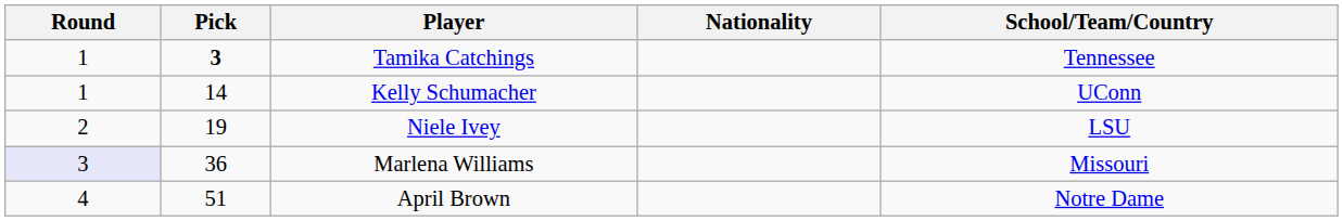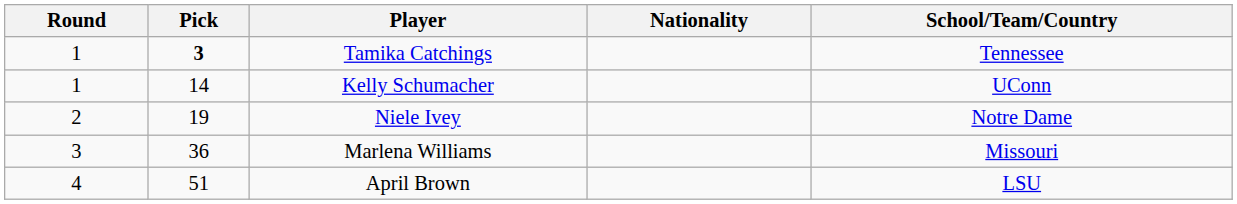 <table class="wikitable" style="text-align:center; width:60em">
 <tr>
 <th>Round</th>
 <th>Pick</th>
 <th>Player</th>
 <th>Nationality</th>
 <th>School/Team/Country</th>
 </tr>
 <tr>
 <td>1</td>
 <td><strong>3</strong></td>
 <td><a href='#'>Tamika Catchings</a></td>
 <td></td>
 <td><a href='#'>Tennessee</a></td>
 </tr>
 <tr>
 <td>1</td>
 <td>14</td>
 <td><a href='#'>Kelly Schumacher</a></td>
 <td></td>
 <td><a href='#'>UConn</a></td>
 </tr>
 <tr>
 <td>2</td>
 <td>19</td>
 <td><a href='#'>Niele Ivey</a></td>
 <td></td>
-<td><a href='#'>LSU</a></td>
+<td><a href='#'>Notre Dame</a></td>
 </tr>
 <tr>
-<td style="background: lavender;">3</td>
+<td>3</td>
 <td>36</td>
 <td>Marlena Williams</td>
 <td></td>
 <td><a href='#'>Missouri</a></td>
 </tr>
 <tr>
 <td>4</td>
 <td>51</td>
 <td>April Brown</td>
 <td></td>
-<td><a href='#'>Notre Dame</a></td>
+<td><a href='#'>LSU</a></td>
 </tr>
 </table>
